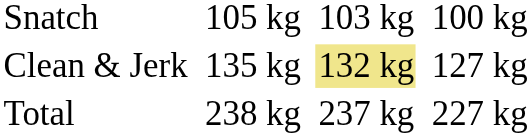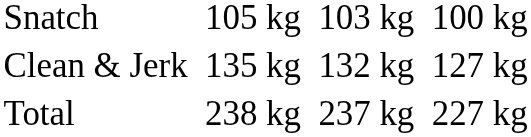 <table>
 <tr>
 <td>Snatch</td>
 <td></td>
 <td>105 kg</td>
 <td></td>
 <td>103 kg</td>
 <td></td>
 <td>100 kg</td>
 </tr>
 <tr>
 <td>Clean & Jerk</td>
 <td></td>
 <td>135 kg</td>
 <td></td>
-<td style="background: khaki;">132 kg</td>
+<td>132 kg</td>
 <td></td>
 <td>127 kg</td>
 </tr>
 <tr>
 <td>Total</td>
 <td></td>
 <td>238 kg</td>
 <td></td>
 <td>237 kg</td>
 <td></td>
 <td>227 kg</td>
 </tr>
 </table>
